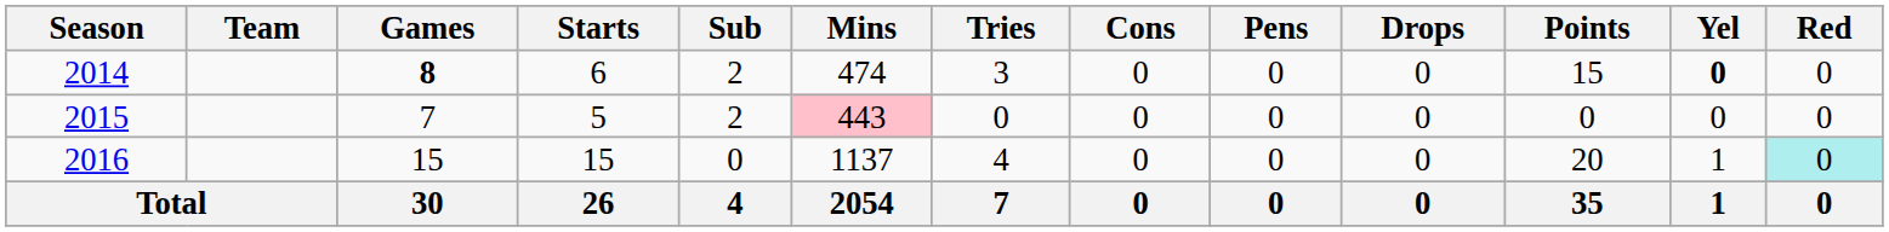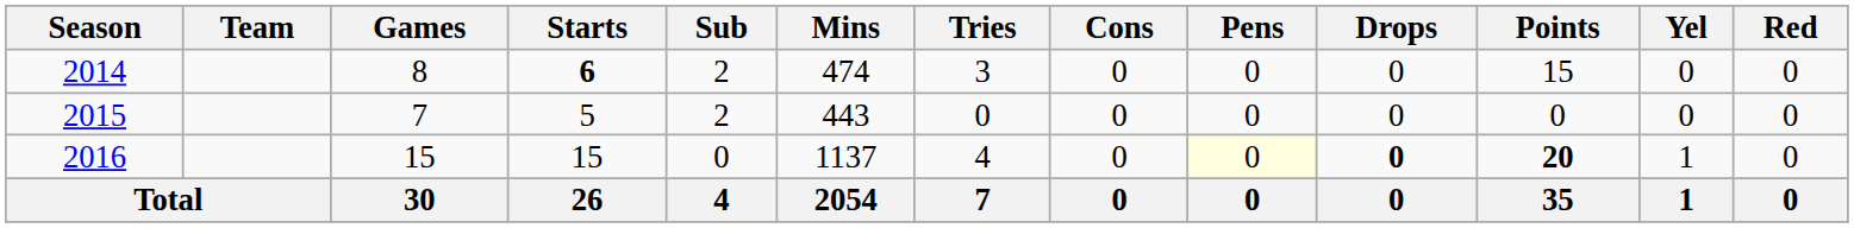 <table class="wikitable" style="text-align:center; line-height:90%; font-size:95%; width:70%;">
 <tr>
 <th>Season</th>
 <th>Team</th>
 <th>Games</th>
 <th>Starts</th>
 <th>Sub</th>
 <th>Mins</th>
 <th>Tries</th>
 <th>Cons</th>
 <th>Pens</th>
 <th>Drops</th>
 <th>Points</th>
 <th>Yel</th>
 <th>Red</th>
 </tr>
 <tr>
 <td><a href='#'>2014</a></td>
 <td></td>
-<td><strong>8</strong></td>
-<td>6</td>
+<td>8</td>
+<td><strong>6</strong></td>
 <td>2</td>
 <td>474</td>
 <td>3</td>
 <td>0</td>
 <td>0</td>
 <td>0</td>
 <td>15</td>
-<td><strong>0</strong></td>
+<td>0</td>
 <td>0</td>
 </tr>
 <tr>
 <td><a href='#'>2015</a></td>
 <td></td>
 <td>7</td>
 <td>5</td>
 <td>2</td>
-<td style="background: pink;">443</td>
+<td>443</td>
 <td>0</td>
 <td>0</td>
 <td>0</td>
 <td>0</td>
 <td>0</td>
 <td>0</td>
 <td>0</td>
 </tr>
 <tr>
 <td><a href='#'>2016</a></td>
 <td></td>
 <td>15</td>
 <td>15</td>
 <td>0</td>
 <td>1137</td>
 <td>4</td>
 <td>0</td>
+<td style="background: lightyellow;">0</td>
+<td><strong>0</strong></td>
+<td><strong>20</strong></td>
+<td>1</td>
 <td>0</td>
-<td>0</td>
-<td>20</td>
-<td>1</td>
-<td style="background: paleturquoise;">0</td>
 </tr>
 <tr>
 <th colspan="2">Total</th>
 <th>30</th>
 <th>26</th>
 <th>4</th>
 <th>2054</th>
 <th>7</th>
 <th>0</th>
 <th>0</th>
 <th>0</th>
 <th>35</th>
 <th>1</th>
 <th>0</th>
 </tr>
 </table>
